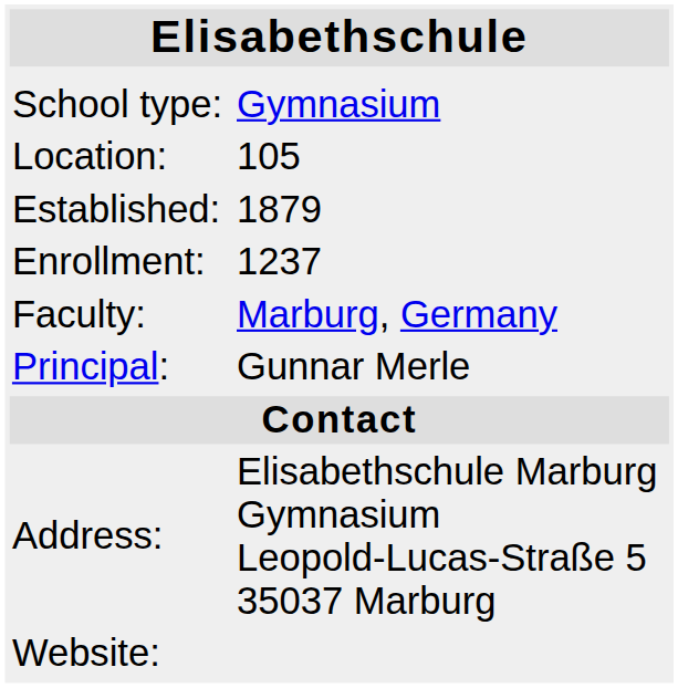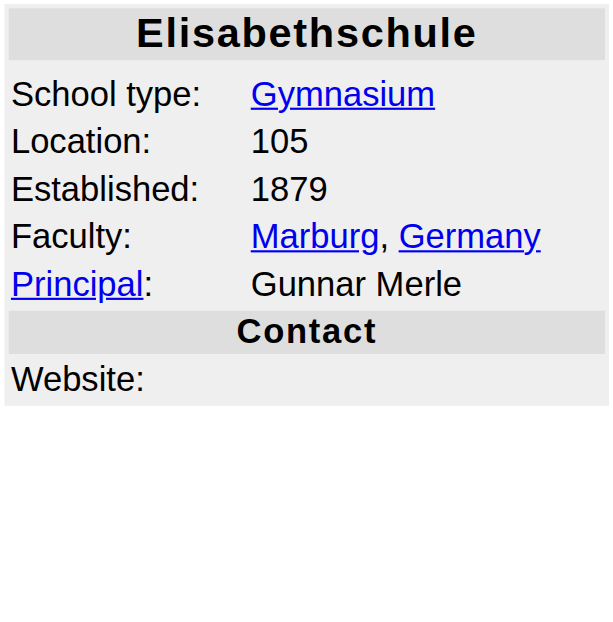 <table align="right" style="margin-left:1em; margin-bottom:1em; background:#efefef;" width="280">
 <tr>
 <th align="center" colspan="2" style="letter-spacing:0.8px; background-color:#dedede; font-size:120%;">Elisabethschule</th>
 </tr>
 <tr>
 <th colspan="2"></th>
 </tr>
 <tr>
 <td>School type:</td>
 <td><a href='#'>Gymnasium</a></td>
 </tr>
 <tr>
 <td>Location:</td>
 <td>105</td>
 </tr>
 <tr>
 <td>Established:</td>
 <td>1879</td>
 </tr>
 <tr>
-<td>Enrollment:</td>
-<td>1237</td>
-</tr>
-<tr>
 <td>Faculty:</td>
 <td><a href='#'>Marburg</a>, <a href='#'>Germany</a></td>
 </tr>
 <tr>
 <td><a href='#'>Principal</a>:</td>
 <td>Gunnar Merle</td>
 </tr>
 <tr>
 <th align="center" colspan="2" style="letter-spacing:0.8px; background-color:#dedede; font-size:100%;">Contact</th>
 </tr>
 <tr>
-<td>Address:</td>
-<td>Elisabethschule Marburg<br>Gymnasium<br>Leopold-Lucas-Straße 5<br>35037 Marburg</td>
-</tr>
-<tr>
 <td>Website:</td>
 <td></td>
 </tr>
 </table>
